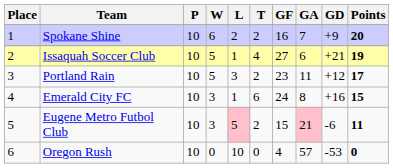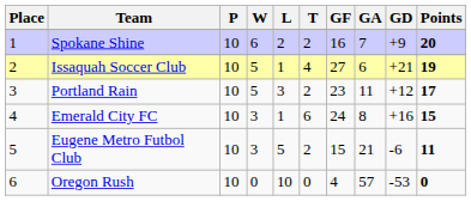 <table class="wikitable">
 <tr>
 <th>Place</th>
 <th width="170">Team</th>
 <th width="20">P</th>
 <th width="20">W</th>
 <th width="20">L</th>
 <th width="20">T</th>
 <th width="20">GF</th>
 <th width="20">GA</th>
 <th width="25">GD</th>
 <th>Points</th>
 </tr>
 <tr>
 </tr>
 <tr bgcolor=#ccccff>
 <td>1</td>
 <td><a href='#'>Spokane Shine</a></td>
 <td>10</td>
 <td>6</td>
 <td>2</td>
 <td>2</td>
 <td>16</td>
 <td>7</td>
 <td>+9</td>
 <td><strong>20</strong></td>
 </tr>
 <tr>
 </tr>
 <tr bgcolor=#ffffaa>
 <td>2</td>
 <td><a href='#'>Issaquah Soccer Club</a></td>
 <td>10</td>
 <td>5</td>
 <td>1</td>
 <td>4</td>
 <td>27</td>
 <td>6</td>
 <td>+21</td>
 <td><strong>19</strong></td>
 </tr>
 <tr>
 <td>3</td>
 <td><a href='#'>Portland Rain</a></td>
 <td>10</td>
 <td>5</td>
 <td>3</td>
 <td>2</td>
 <td>23</td>
 <td>11</td>
 <td>+12</td>
 <td><strong>17</strong></td>
 </tr>
 <tr>
 <td>4</td>
 <td><a href='#'>Emerald City FC</a></td>
 <td>10</td>
 <td>3</td>
 <td>1</td>
 <td>6</td>
 <td>24</td>
 <td>8</td>
 <td>+16</td>
 <td><strong>15</strong></td>
 </tr>
 <tr>
 <td>5</td>
 <td><a href='#'>Eugene Metro Futbol Club</a></td>
 <td>10</td>
 <td>3</td>
-<td style="background: pink;">5</td>
+<td>5</td>
 <td>2</td>
 <td>15</td>
-<td style="background: pink;">21</td>
+<td>21</td>
 <td>-6</td>
 <td><strong>11</strong></td>
 </tr>
 <tr>
 <td>6</td>
 <td><a href='#'>Oregon Rush</a></td>
 <td>10</td>
 <td>0</td>
 <td>10</td>
 <td>0</td>
 <td>4</td>
 <td>57</td>
 <td>-53</td>
 <td><strong>0</strong></td>
 </tr>
 </table>
